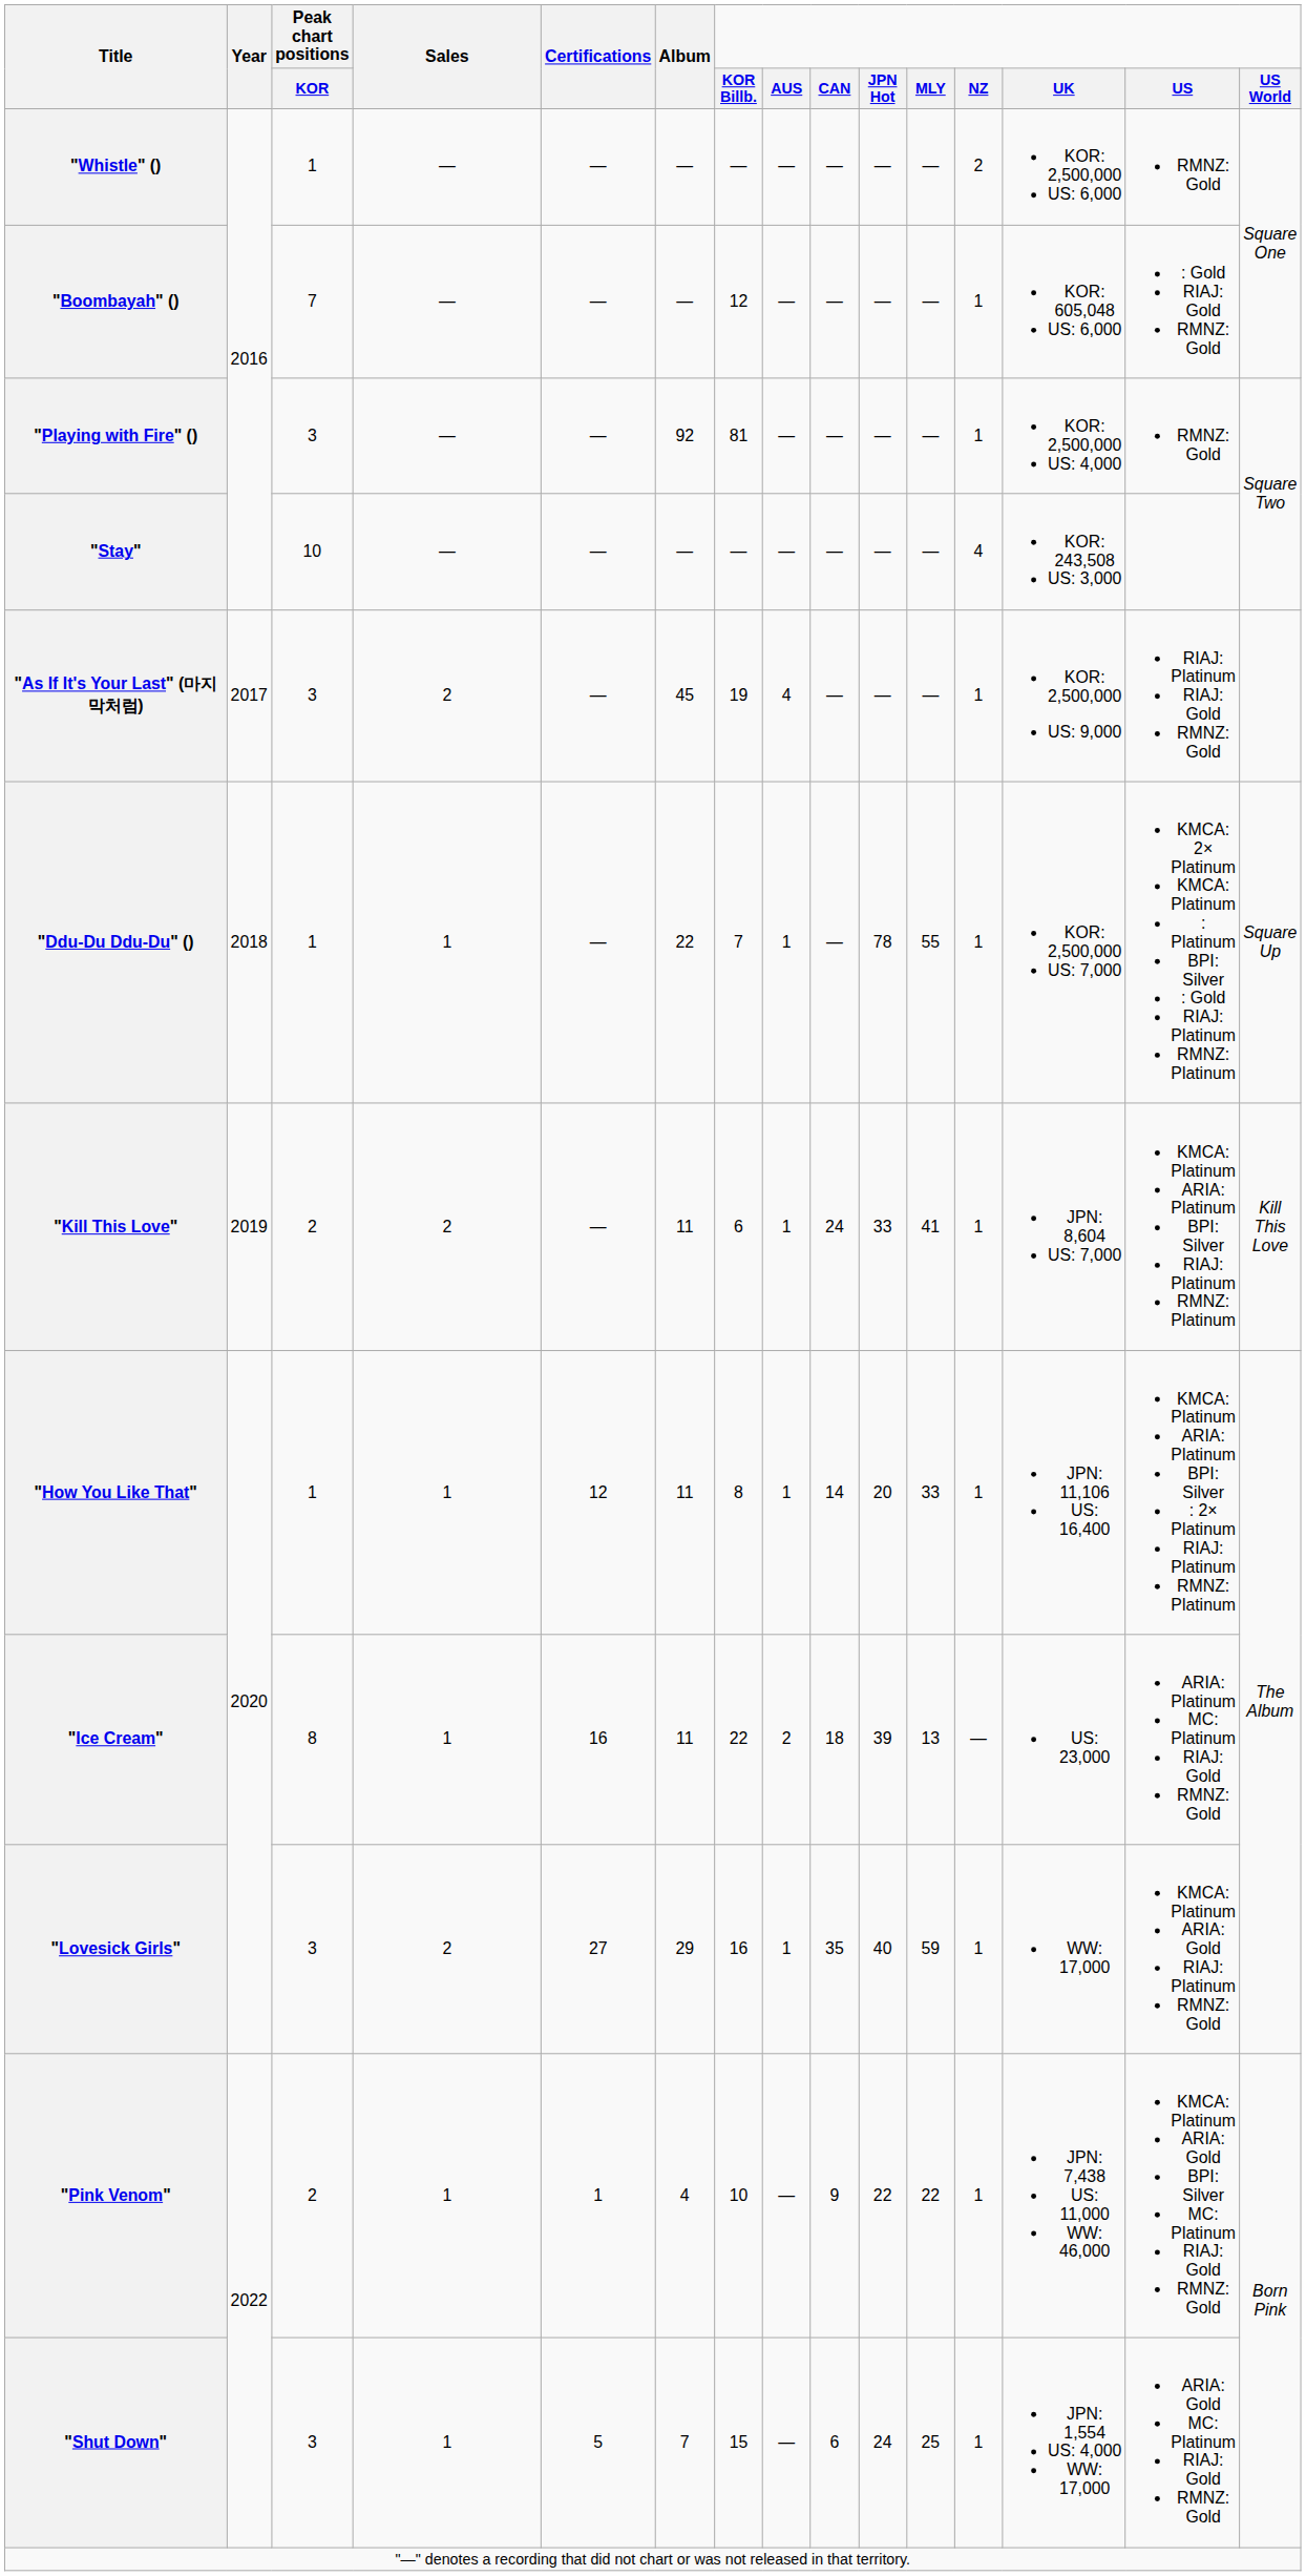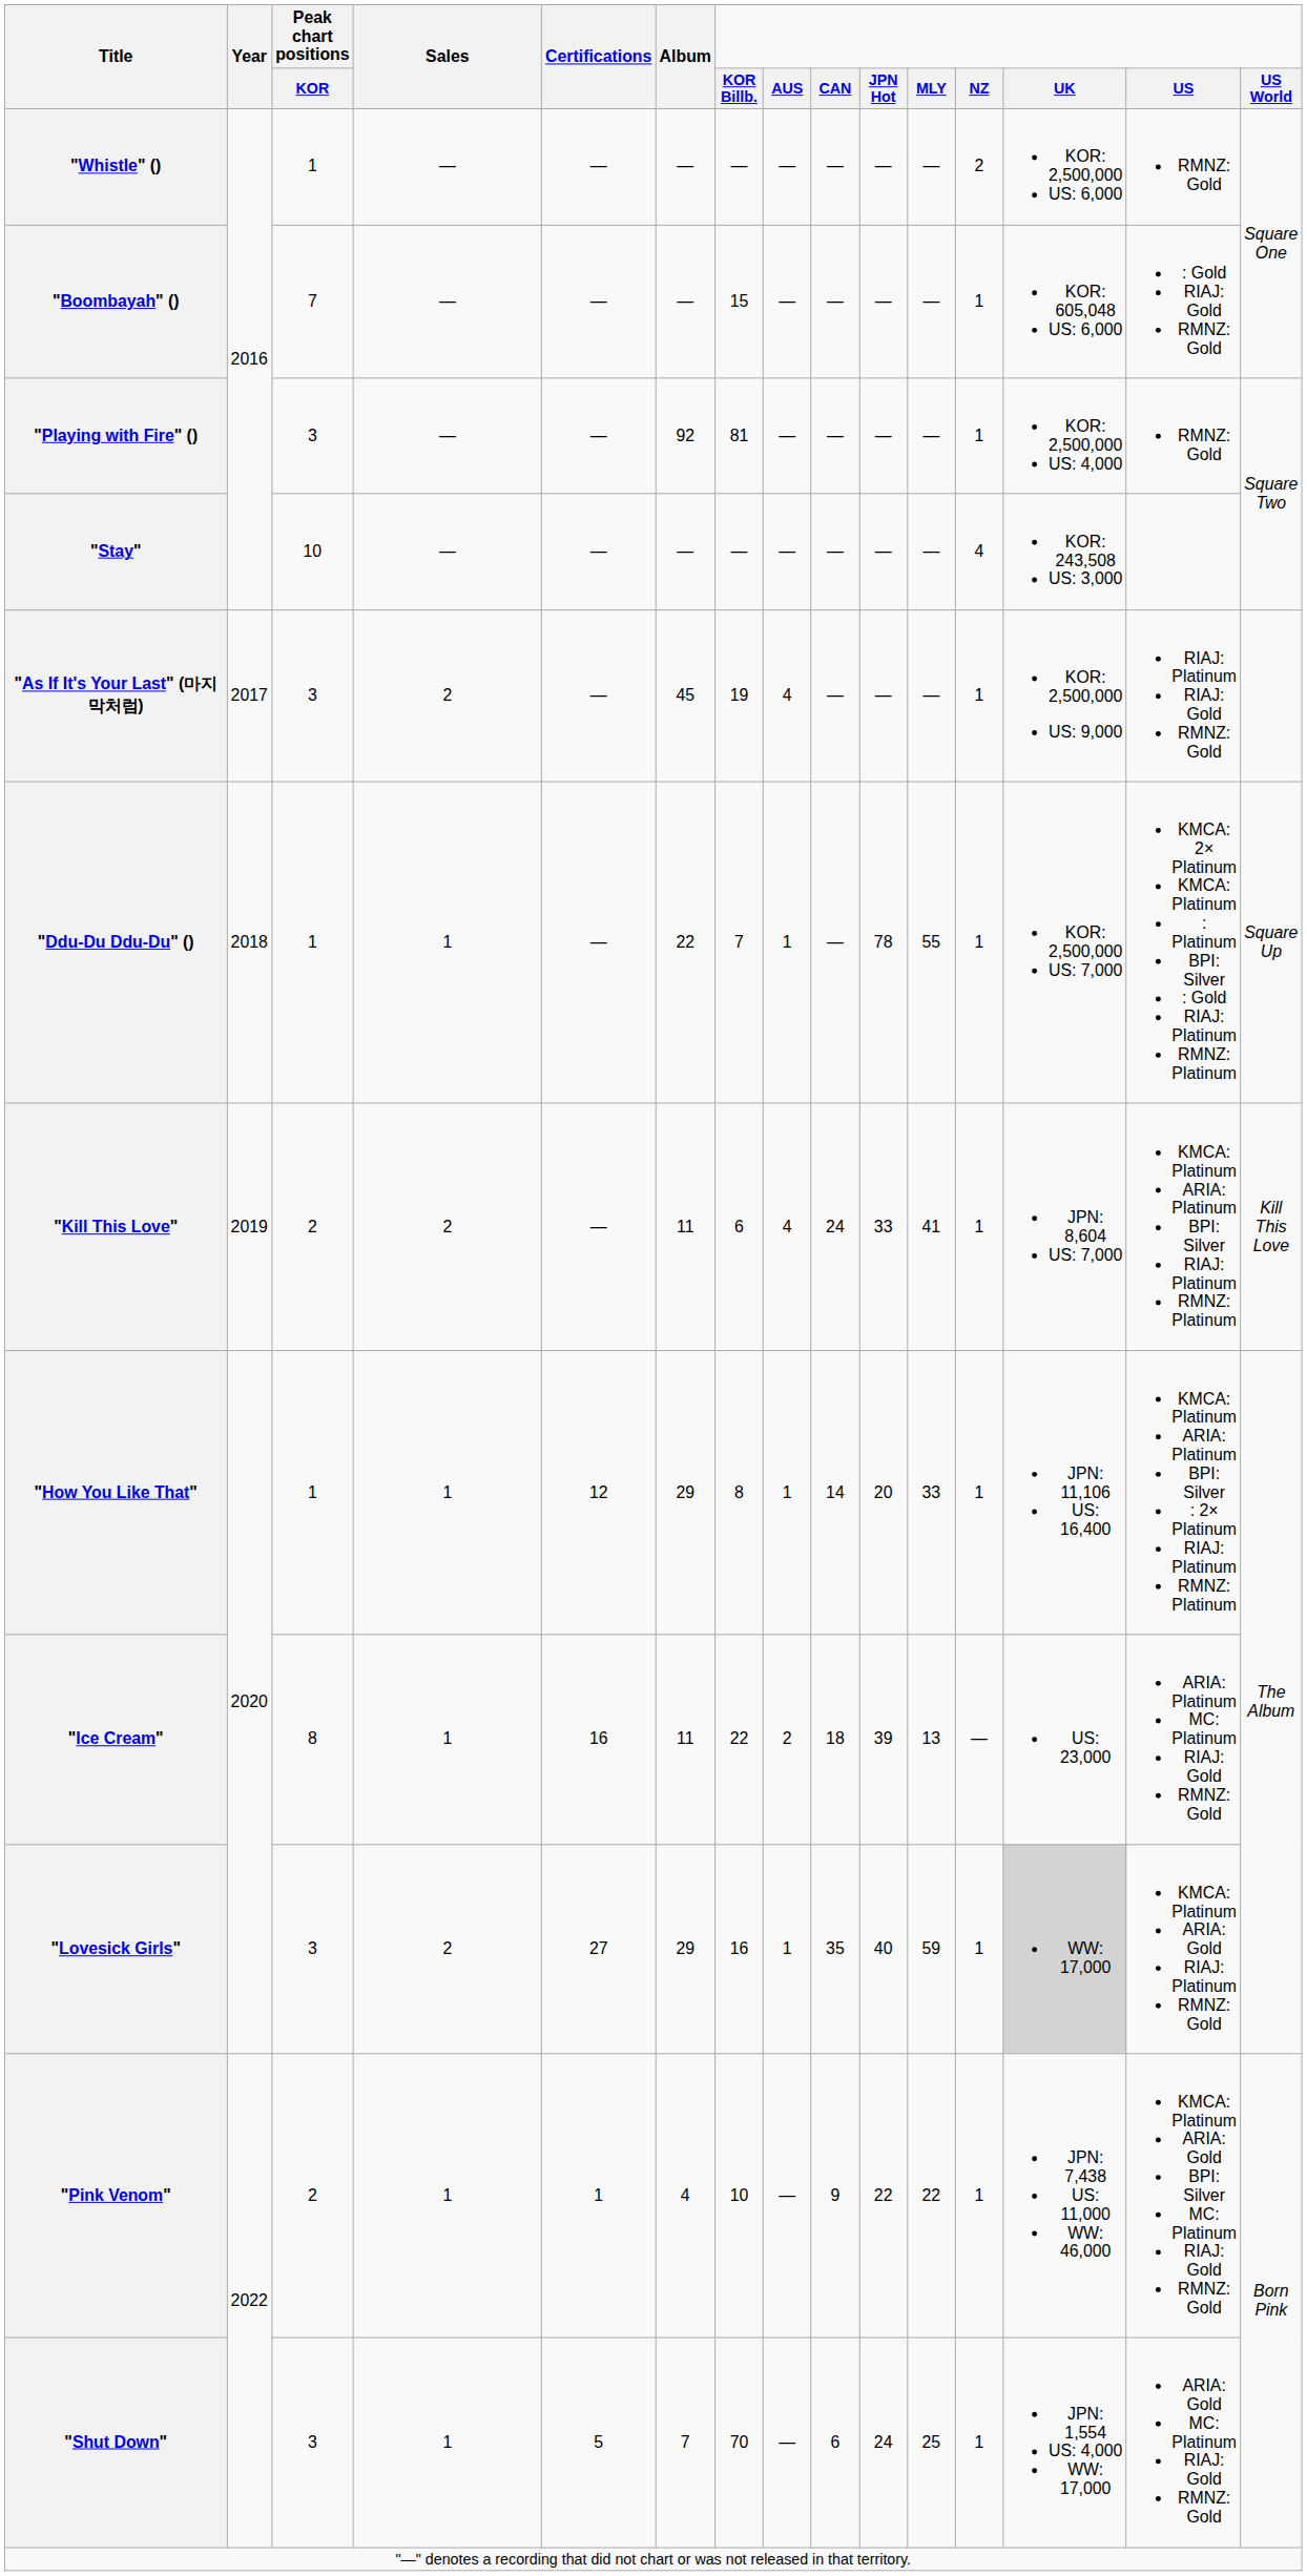 <table class="wikitable plainrowheaders" style="text-align:center;">
 <tr>
 <th scope="col" rowspan="2" style="width:13em;">Title</th>
 <th scope="col" rowspan="2" style="width:2em;">Year</th>
 <th scope="col">Peak chart positions</th>
 <th scope="col" rowspan="2" style="width:11em;">Sales<br></th>
 <th scope="col" rowspan="2"><a href='#'>Certifications</a><br></th>
 <th scope="col" rowspan="2">Album</th>
 </tr>
 <tr>
 <th scope="col" style="width:2.75em;font-size:90%;"><a href='#'>KOR</a><br></th>
 <th scope="col" style="width:2.75em;font-size:90%;"><a href='#'>KOR<br>Billb.</a><br></th>
 <th scope="col" style="width:2.75em;font-size:90%;"><a href='#'>AUS</a><br></th>
 <th scope="col" style="width:2.75em;font-size:90%;"><a href='#'>CAN</a><br></th>
 <th scope="col" style="width:2.75em;font-size:90%;"><a href='#'>JPN Hot</a><br></th>
 <th scope="col" style="width:2.75em;font-size:90%"><a href='#'>MLY</a><br></th>
 <th scope="col" style="width:2.75em;font-size:90%;"><a href='#'>NZ</a><br></th>
 <th scope="col" style="width:2.75em;font-size:90%;"><a href='#'>UK</a><br></th>
 <th scope="col" style="width:2.75em;font-size:90%;"><a href='#'>US</a><br></th>
 <th scope="col" style="width:2.75em;font-size:90%;"><a href='#'>US<br>World</a><br></th>
 </tr>
 <tr>
 <th scope="row">"<a href='#'>Whistle</a>" ()</th>
 <td rowspan="4">2016</td>
 <td>1</td>
 <td>—</td>
 <td>—</td>
 <td>—</td>
 <td>—</td>
 <td>—</td>
 <td>—</td>
 <td>—</td>
 <td>—</td>
 <td>2</td>
 <td><br><ul><li>KOR: 2,500,000</li><li>US: 6,000</li></ul></td>
 <td><br><ul><li>RMNZ: Gold</li></ul></td>
 <td rowspan="2"><em>Square One</em></td>
 </tr>
 <tr>
 <th scope="row">"<a href='#'>Boombayah</a>" ()</th>
 <td>7</td>
 <td>—</td>
 <td>—</td>
 <td>—</td>
-<td>12</td>
+<td>15</td>
 <td>—</td>
 <td>—</td>
 <td>—</td>
 <td>—</td>
 <td>1</td>
 <td><br><ul><li>KOR: 605,048</li><li>US: 6,000</li></ul></td>
 <td><br><ul><li><a href='#'></a>: Gold</li><li>RIAJ: Gold</li><li>RMNZ: Gold</li></ul></td>
 </tr>
 <tr>
 <th scope="row">"<a href='#'>Playing with Fire</a>" ()</th>
 <td>3</td>
 <td>—</td>
 <td>—</td>
 <td>92</td>
 <td>81</td>
 <td>—</td>
 <td>—</td>
 <td>—</td>
 <td>—</td>
 <td>1</td>
 <td><br><ul><li>KOR: 2,500,000</li><li>US: 4,000</li></ul></td>
 <td><br><ul><li>RMNZ: Gold</li></ul></td>
 <td rowspan="2"><em>Square Two</em></td>
 </tr>
 <tr>
 <th scope="row">"<a href='#'>Stay</a>"</th>
 <td>10</td>
 <td>—</td>
 <td>—</td>
 <td>—</td>
 <td>—</td>
 <td>—</td>
 <td>—</td>
 <td>—</td>
 <td>—</td>
 <td>4</td>
 <td><br><ul><li>KOR: 243,508</li><li>US: 3,000</li></ul></td>
 <td></td>
 </tr>
 <tr>
 <th scope="row">"<a href='#'>As If It's Your Last</a>" (마지막처럼)</th>
 <td>2017</td>
 <td>3</td>
 <td>2</td>
 <td>—</td>
 <td>45</td>
 <td>19</td>
 <td>4</td>
 <td>—</td>
 <td>—</td>
 <td>—</td>
 <td>1</td>
 <td><br><ul><li>KOR: 2,500,000</li></ul> <ul><li>US: 9,000</li></ul></td>
 <td><br><ul><li>RIAJ: Platinum</li><li>RIAJ: Gold</li><li>RMNZ: Gold</li></ul></td>
 <td></td>
 </tr>
 <tr>
 <th scope="row">"<a href='#'>Ddu-Du Ddu-Du</a>" ()</th>
 <td>2018</td>
 <td>1</td>
 <td>1</td>
 <td>—</td>
 <td>22</td>
 <td>7</td>
 <td>1</td>
 <td>—</td>
 <td>78</td>
 <td>55</td>
 <td>1</td>
 <td><br><ul><li>KOR: 2,500,000</li><li>US: 7,000</li></ul></td>
 <td><br><ul><li>KMCA: 2× Platinum</li><li>KMCA: Platinum</li><li><a href='#'></a>: Platinum</li><li>BPI: Silver</li><li><a href='#'></a>: Gold</li><li>RIAJ: Platinum</li><li>RMNZ: Platinum</li></ul></td>
 <td><em>Square Up</em></td>
 </tr>
 <tr>
 <th scope="row">"<a href='#'>Kill This Love</a>"</th>
 <td>2019</td>
 <td>2</td>
 <td>2</td>
 <td>—</td>
 <td>11</td>
 <td>6</td>
-<td>1</td>
+<td>4</td>
 <td>24</td>
 <td>33</td>
 <td>41</td>
 <td>1</td>
 <td><br><ul><li>JPN: 8,604</li><li>US: 7,000</li></ul></td>
 <td><br><ul><li>KMCA: Platinum</li><li>ARIA: Platinum</li><li>BPI: Silver</li><li>RIAJ: Platinum</li><li>RMNZ: Platinum</li></ul></td>
 <td><em>Kill This Love</em></td>
 </tr>
 <tr>
 <th scope="row">"<a href='#'>How You Like That</a>"</th>
 <td rowspan="3">2020</td>
 <td>1</td>
 <td>1</td>
 <td>12</td>
-<td>11</td>
+<td>29</td>
 <td>8</td>
 <td>1</td>
 <td>14</td>
 <td>20</td>
 <td>33</td>
 <td>1</td>
 <td><br><ul><li>JPN: 11,106</li><li>US: 16,400</li></ul></td>
 <td><br><ul><li>KMCA: Platinum</li><li>ARIA: Platinum</li><li>BPI: Silver</li><li><a href='#'></a>: 2× Platinum</li><li>RIAJ: Platinum</li><li>RMNZ: Platinum</li></ul></td>
 <td rowspan="3"><em>The Album</em></td>
 </tr>
 <tr>
 <th scope="row">"<a href='#'>Ice Cream</a>"<br></th>
 <td>8</td>
 <td>1</td>
 <td>16</td>
 <td>11</td>
 <td>22</td>
 <td>2</td>
 <td>18</td>
 <td>39</td>
 <td>13</td>
 <td>—</td>
 <td><br><ul><li>US: 23,000</li></ul></td>
 <td><br><ul><li>ARIA: Platinum</li><li>MC: Platinum</li><li>RIAJ: Gold</li><li>RMNZ: Gold</li></ul></td>
 </tr>
 <tr>
 <th scope="row">"<a href='#'>Lovesick Girls</a>"</th>
 <td>3</td>
 <td>2</td>
 <td>27</td>
 <td>29</td>
 <td>16</td>
 <td>1</td>
 <td>35</td>
 <td>40</td>
 <td>59</td>
 <td>1</td>
-<td><br><ul><li>WW: 17,000</li></ul></td>
+<td style="background: lightgrey;"><br><ul><li>WW: 17,000</li></ul></td>
 <td><br><ul><li>KMCA: Platinum</li><li>ARIA: Gold</li><li>RIAJ: Platinum</li><li>RMNZ: Gold</li></ul></td>
 </tr>
 <tr>
 <th scope="row">"<a href='#'>Pink Venom</a>"</th>
 <td rowspan="2">2022</td>
 <td>2</td>
 <td>1</td>
 <td>1</td>
 <td>4</td>
 <td>10</td>
 <td>—</td>
 <td>9</td>
 <td>22</td>
 <td>22</td>
 <td>1</td>
 <td><br><ul><li>JPN: 7,438</li><li>US: 11,000</li><li>WW: 46,000</li></ul></td>
 <td><br><ul><li>KMCA: Platinum</li><li>ARIA: Gold</li><li>BPI: Silver</li><li>MC: Platinum</li><li>RIAJ: Gold</li><li>RMNZ: Gold</li></ul></td>
 <td rowspan="2"><em>Born Pink</em></td>
 </tr>
 <tr>
 <th scope="row">"<a href='#'>Shut Down</a>"</th>
 <td>3</td>
 <td>1</td>
 <td>5</td>
 <td>7</td>
-<td>15</td>
+<td>70</td>
 <td>—</td>
 <td>6</td>
 <td>24</td>
 <td>25</td>
 <td>1</td>
 <td><br><ul><li>JPN: 1,554</li><li>US: 4,000</li><li>WW: 17,000</li></ul></td>
 <td><br><ul><li>ARIA: Gold</li><li>MC: Platinum</li><li>RIAJ: Gold</li><li>RMNZ: Gold</li></ul></td>
 </tr>
 <tr>
 <td colspan="15" style="font-size:90%">"—" denotes a recording that did not chart or was not released in that territory.</td>
 </tr>
 </table>
